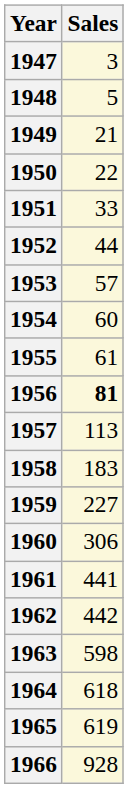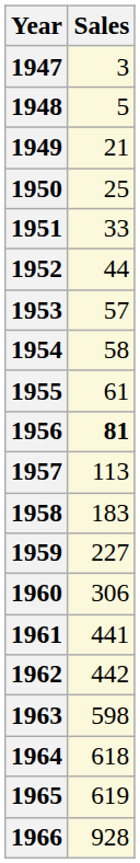 <table class="wikitable" style="text-align: right; display:inline-table">
 <tr>
 <th>Year</th>
 <th>Sales</th>
 </tr>
 <tr>
 <th>1947</th>
 <td style="background:#fbf8db; align:right;">3</td>
 </tr>
 <tr>
 <th>1948</th>
 <td style="background:#fbf8db; align:right;">5</td>
 </tr>
 <tr>
 <th>1949</th>
 <td style="background:#fbf8db; align:right;">21</td>
 </tr>
 <tr>
 <th>1950</th>
-<td style="background:#fbf8db; align:right;">22</td>
+<td style="background:#fbf8db; align:right;">25</td>
 </tr>
 <tr>
 <th>1951</th>
 <td style="background:#fbf8db; align:right;">33</td>
 </tr>
 <tr>
 <th>1952</th>
 <td style="background:#fbf8db; align:right;">44</td>
 </tr>
 <tr>
 <th>1953</th>
 <td style="background:#fbf8db; align:right;">57</td>
 </tr>
 <tr>
 <th>1954</th>
-<td style="background:#fbf8db; align:right;">60</td>
+<td style="background:#fbf8db; align:right;">58</td>
 </tr>
 <tr>
 <th>1955</th>
 <td style="background:#fbf8db; align:right;">61</td>
 </tr>
 <tr>
 <th>1956</th>
 <td style="background:#fbf8db; align:right;"><strong>81</strong></td>
 </tr>
 <tr>
 <th>1957</th>
 <td style="background:#fbf8db; align:right;">113</td>
 </tr>
 <tr>
 <th>1958</th>
 <td style="background:#fbf8db; align:right;">183</td>
 </tr>
 <tr>
 <th>1959</th>
 <td style="background:#fbf8db; align:right;">227</td>
 </tr>
 <tr>
 <th>1960</th>
 <td style="background:#fbf8db; align:right;">306</td>
 </tr>
 <tr>
 <th>1961</th>
 <td style="background:#fbf8db; align:right;">441</td>
 </tr>
 <tr>
 <th>1962</th>
 <td style="background:#fbf8db; align:right;">442</td>
 </tr>
 <tr>
 <th>1963</th>
 <td style="background:#fbf8db; align:right;">598</td>
 </tr>
 <tr>
 <th>1964</th>
 <td style="background:#fbf8db; align:right;">618</td>
 </tr>
 <tr>
 <th>1965</th>
 <td style="background:#fbf8db; align:right;">619</td>
 </tr>
 <tr>
 <th>1966</th>
 <td style="background:#fbf8db; align:right;">928</td>
 </tr>
 </table>
